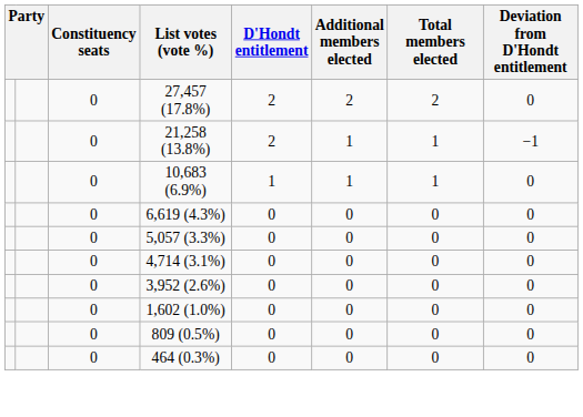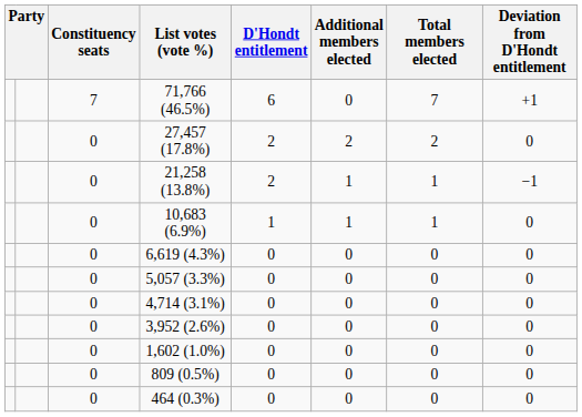 <table class="wikitable" style="text-align:center">
 <tr>
 <th colspan="2" rowspan="1" align="center" valign="top">Party</th>
 <th>Constituency<br>seats</th>
 <th>List votes<br>(vote %)</th>
 <th><a href='#'>D'Hondt<br>entitlement</a></th>
 <th>Additional<br>members<br>elected</th>
 <th>Total members<br>elected</th>
 <th>Deviation<br>from D'Hondt<br>entitlement</th>
+</tr>
+<tr>
+<td style="width: 4px" bgcolor=></td>
+<td style="text-align: left;" scope="row"><a href='#'></a></td>
+<td>7</td>
+<td>71,766 (46.5%)</td>
+<td>6</td>
+<td>0</td>
+<td>7</td>
+<td>+1</td>
 </tr>
 <tr>
 <td style="width: 4px"></td>
 <td style="text-align: left;" scope="row"><a href='#'></a></td>
 <td>0</td>
 <td>27,457 (17.8%)</td>
 <td>2</td>
 <td>2</td>
 <td>2</td>
 <td>0</td>
 </tr>
 <tr>
 <td style="width: 4px" bgcolor=></td>
 <td style="text-align: left;" scope="row"><a href='#'></a></td>
 <td>0</td>
 <td>21,258 (13.8%)</td>
 <td>2</td>
 <td>1</td>
 <td>1</td>
 <td>−1</td>
 </tr>
 <tr>
 <td style="width: 4px"></td>
 <td style="text-align: left;" scope="row"><a href='#'></a></td>
 <td>0</td>
 <td>10,683 (6.9%)</td>
 <td>1</td>
 <td>1</td>
 <td>1</td>
 <td>0</td>
 </tr>
 <tr>
 <td style="width: 4px"></td>
 <td style="text-align: left;" scope="row"><a href='#'></a></td>
 <td>0</td>
 <td>6,619 (4.3%)</td>
 <td>0</td>
 <td>0</td>
 <td>0</td>
 <td>0</td>
 </tr>
 <tr>
 <td style="width: 4px"></td>
 <td style="text-align: left;" scope="row"><a href='#'></a></td>
 <td>0</td>
 <td>5,057 (3.3%)</td>
 <td>0</td>
 <td>0</td>
 <td>0</td>
 <td>0</td>
 </tr>
 <tr>
 <td style="width: 4px" bgcolor=></td>
 <td style="text-align: left;" scope="row"><a href='#'></a></td>
 <td>0</td>
 <td>4,714 (3.1%)</td>
 <td>0</td>
 <td>0</td>
 <td>0</td>
 <td>0</td>
 </tr>
 <tr>
 <td style="width: 4px"></td>
 <td style="text-align: left;" scope="row"><a href='#'></a></td>
 <td>0</td>
 <td>3,952 (2.6%)</td>
 <td>0</td>
 <td>0</td>
 <td>0</td>
 <td>0</td>
 </tr>
 <tr>
 <td style="width: 4px" bgcolor=></td>
 <td style="text-align: left;" scope="row"><a href='#'></a></td>
 <td>0</td>
 <td>1,602 (1.0%)</td>
 <td>0</td>
 <td>0</td>
 <td>0</td>
 <td>0</td>
 </tr>
 <tr>
 <td style="width: 4px"></td>
 <td style="text-align: left;" sctope="row"><a href='#'></a></td>
 <td>0</td>
 <td>809 (0.5%)</td>
 <td>0</td>
 <td>0</td>
 <td>0</td>
 <td>0</td>
 </tr>
 <tr>
 <td style="width: 4px" bgcolor=></td>
 <td style="text-align: left;" scope="row"><a href='#'></a></td>
 <td>0</td>
 <td>464 (0.3%)</td>
 <td>0</td>
 <td>0</td>
 <td>0</td>
 <td>0</td>
 </tr>
 </table>
